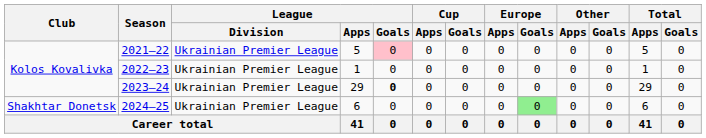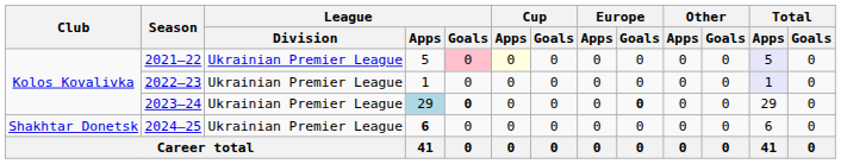 <table class="wikitable" style="text-align:center">
 <tr>
 <th rowspan="2">Club</th>
 <th rowspan="2">Season</th>
 <th colspan="3">League</th>
 <th colspan="2">Cup</th>
 <th colspan="2">Europe</th>
 <th colspan="2">Other</th>
 <th colspan="2">Total</th>
 </tr>
 <tr>
 <th>Division</th>
 <th>Apps</th>
 <th>Goals</th>
 <th>Apps</th>
 <th>Goals</th>
 <th>Apps</th>
 <th>Goals</th>
 <th>Apps</th>
 <th>Goals</th>
 <th>Apps</th>
 <th>Goals</th>
 </tr>
 <tr>
 <td rowspan="3"><a href='#'>Kolos Kovalivka</a></td>
 <td><a href='#'>2021–22</a></td>
 <td><a href='#'>Ukrainian Premier League</a></td>
 <td>5</td>
 <td style="background: pink;">0</td>
+<td style="background: lightyellow;">0</td>
 <td>0</td>
 <td>0</td>
 <td>0</td>
 <td>0</td>
 <td>0</td>
-<td>0</td>
-<td>5</td>
+<td style="background: lavender;">5</td>
 <td>0</td>
 </tr>
 <tr>
 <td><a href='#'>2022–23</a></td>
 <td>Ukrainian Premier League</td>
 <td>1</td>
 <td>0</td>
 <td>0</td>
 <td>0</td>
 <td>0</td>
 <td>0</td>
 <td>0</td>
 <td>0</td>
-<td>1</td>
+<td style="background: lavender;">1</td>
 <td>0</td>
 </tr>
 <tr>
 <td><a href='#'>2023–24</a></td>
 <td>Ukrainian Premier League</td>
-<td>29</td>
+<td style="background: lightblue;">29</td>
 <td><strong>0</strong></td>
 <td>0</td>
 <td>0</td>
 <td>0</td>
-<td>0</td>
+<td><strong>0</strong></td>
 <td>0</td>
 <td>0</td>
 <td>29</td>
 <td>0</td>
 </tr>
 <tr>
 <td rowspan="1"><a href='#'>Shakhtar Donetsk</a></td>
 <td><a href='#'>2024–25</a></td>
 <td>Ukrainian Premier League</td>
-<td>6</td>
+<td><strong>6</strong></td>
 <td>0</td>
 <td>0</td>
 <td>0</td>
 <td>0</td>
-<td style="background: lightgreen;">0</td>
+<td>0</td>
 <td>0</td>
 <td>0</td>
 <td>6</td>
 <td>0</td>
 </tr>
 <tr>
 <th colspan="3">Career total</th>
 <th>41</th>
 <th>0</th>
 <th>0</th>
 <th>0</th>
 <th>0</th>
 <th>0</th>
 <th>0</th>
 <th>0</th>
 <th>41</th>
 <th>0</th>
 </tr>
 </table>
